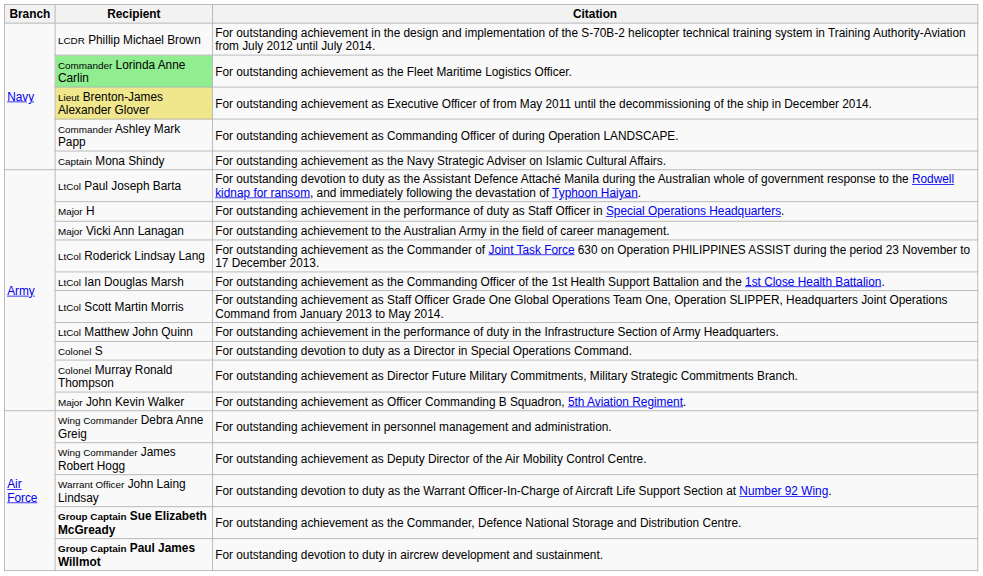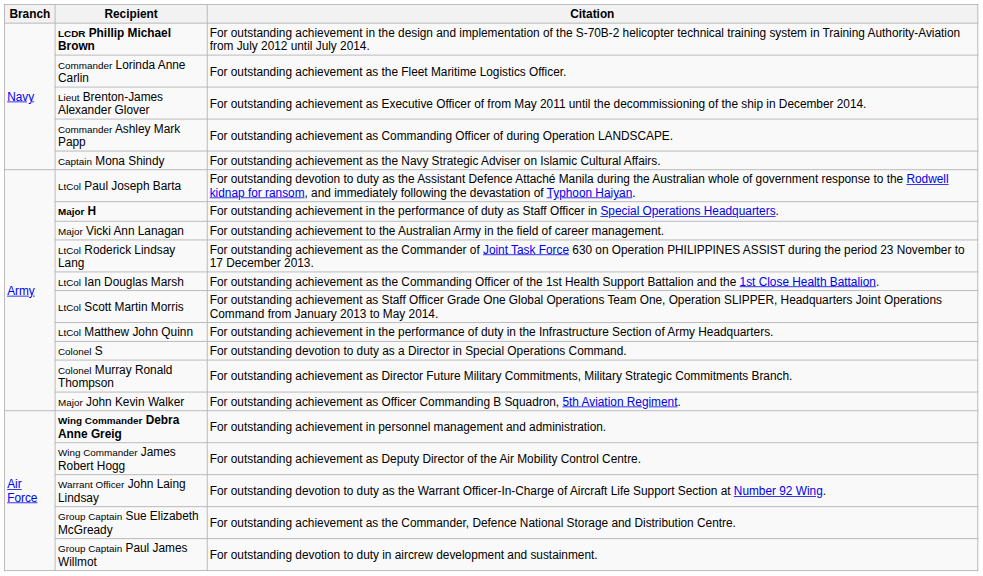 <table class="wikitable" style="font-size:95%;">
 <tr>
 <th>Branch</th>
 <th>Recipient</th>
 <th>Citation</th>
 </tr>
 <tr>
 <td rowspan="5"><a href='#'>Navy</a></td>
-<td><small>LCDR</small> Phillip Michael Brown </td>
+<td><strong><small>LCDR</small> Phillip Michael Brown </strong></td>
 <td>For outstanding achievement in the design and implementation of the S-70B-2 helicopter technical training system in Training Authority-Aviation from July 2012 until July 2014.</td>
 </tr>
 <tr>
-<td style="background: lightgreen;"><small>Commander</small> Lorinda Anne Carlin </td>
+<td><small>Commander</small> Lorinda Anne Carlin </td>
 <td>For outstanding achievement as the Fleet Maritime Logistics Officer.</td>
 </tr>
 <tr>
-<td style="background: khaki;"><small>Lieut</small> Brenton-James Alexander Glover </td>
+<td><small>Lieut</small> Brenton-James Alexander Glover </td>
 <td>For outstanding achievement as Executive Officer of  from May 2011 until the decommissioning of the ship in December 2014.</td>
 </tr>
 <tr>
 <td><small>Commander</small> Ashley Mark Papp </td>
 <td>For outstanding achievement as Commanding Officer of  during Operation LANDSCAPE.</td>
 </tr>
 <tr>
 <td><small>Captain</small> Mona Shindy </td>
 <td>For outstanding achievement as the Navy Strategic Adviser on Islamic Cultural Affairs.</td>
 </tr>
 <tr>
 <td rowspan="10"><a href='#'>Army</a></td>
 <td><small>LtCol</small> Paul Joseph Barta</td>
 <td>For outstanding devotion to duty as the Assistant Defence Attaché Manila during the Australian whole of government response to the <a href='#'>Rodwell kidnap for ransom</a>, and immediately following the devastation of <a href='#'>Typhoon Haiyan</a>.</td>
 </tr>
 <tr>
-<td><small>Major</small> H</td>
+<td><strong><small>Major</small> H</strong></td>
 <td>For outstanding achievement in the performance of duty as Staff Officer in <a href='#'>Special Operations Headquarters</a>.</td>
 </tr>
 <tr>
 <td><small>Major</small> Vicki Ann Lanagan</td>
 <td>For outstanding achievement to the Australian Army in the field of career management.</td>
 </tr>
 <tr>
 <td><small>LtCol</small> Roderick Lindsay Lang</td>
 <td>For outstanding achievement as the Commander of <a href='#'>Joint Task Force</a> 630 on Operation PHILIPPINES ASSIST during the period 23 November to 17 December 2013.</td>
 </tr>
 <tr>
 <td><small>LtCol</small> Ian Douglas Marsh</td>
 <td>For outstanding achievement as the Commanding Officer of the 1st Health Support Battalion and the <a href='#'>1st Close Health Battalion</a>.</td>
 </tr>
 <tr>
 <td><small>LtCol</small> Scott Martin Morris</td>
 <td>For outstanding achievement as Staff Officer Grade One Global Operations Team One, Operation SLIPPER, Headquarters Joint Operations Command from January 2013 to May 2014.</td>
 </tr>
 <tr>
 <td><small>LtCol</small> Matthew John Quinn</td>
 <td>For outstanding achievement in the performance of duty in the Infrastructure Section of Army Headquarters.</td>
 </tr>
 <tr>
 <td><small>Colonel</small> S</td>
 <td>For outstanding devotion to duty as a Director in Special Operations Command.</td>
 </tr>
 <tr>
 <td><small>Colonel</small> Murray Ronald Thompson</td>
 <td>For outstanding achievement as Director Future Military Commitments, Military Strategic Commitments Branch.</td>
 </tr>
 <tr>
 <td><small>Major</small> John Kevin Walker</td>
 <td>For outstanding achievement as Officer Commanding B Squadron, <a href='#'>5th Aviation Regiment</a>.</td>
 </tr>
 <tr>
 <td rowspan="5"><a href='#'>Air Force</a></td>
-<td><small>Wing Commander</small> Debra Anne Greig</td>
+<td><strong><small>Wing Commander</small> Debra Anne Greig</strong></td>
 <td>For outstanding achievement in personnel management and administration.</td>
 </tr>
 <tr>
 <td><small>Wing Commander</small>  James Robert Hogg</td>
 <td>For outstanding achievement as Deputy Director of the Air Mobility Control Centre.</td>
 </tr>
 <tr>
 <td><small>Warrant Officer</small> John Laing Lindsay</td>
 <td>For outstanding devotion to duty as the Warrant Officer-In-Charge of Aircraft Life Support Section at <a href='#'>Number 92 Wing</a>.</td>
 </tr>
 <tr>
-<td><strong><small>Group Captain</small>  Sue Elizabeth McGready</strong></td>
+<td><small>Group Captain</small>  Sue Elizabeth McGready</td>
 <td>For outstanding achievement as the Commander, Defence National Storage and Distribution Centre.</td>
 </tr>
 <tr>
-<td><strong><small>Group Captain</small> Paul James Willmot</strong></td>
+<td><small>Group Captain</small> Paul James Willmot</td>
 <td>For outstanding devotion to duty in aircrew development and sustainment.</td>
 </tr>
 </table>
